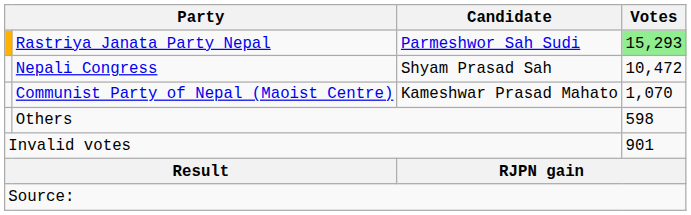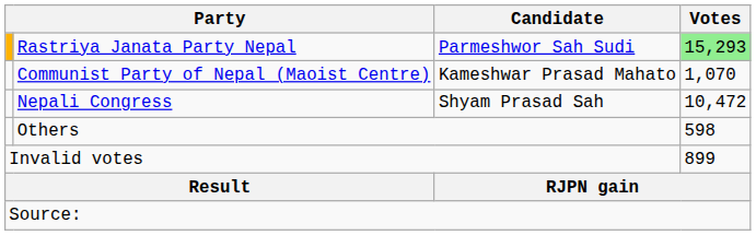 <table class="wikitable">
 <tr>
 <th colspan="2">Party</th>
 <th>Candidate</th>
 <th>Votes</th>
 </tr>
 <tr>
 <td style="background-color:#ffb300"></td>
 <td><a href='#'>Rastriya Janata Party Nepal</a></td>
 <td><a href='#'>Parmeshwor Sah Sudi</a></td>
 <td style="background: lightgreen;">15,293</td>
 </tr>
 <tr>
 <td style="background-color:"></td>
+<td><a href='#'>Communist Party of Nepal (Maoist Centre)</a></td>
+<td>Kameshwar Prasad Mahato</td>
+<td>1,070</td>
+</tr>
+<tr>
+<td style="background-color:"></td>
 <td><a href='#'>Nepali Congress</a></td>
 <td>Shyam Prasad Sah</td>
 <td>10,472</td>
-</tr>
-<tr>
-<td style="background-color:"></td>
-<td><a href='#'>Communist Party of Nepal (Maoist Centre)</a></td>
-<td>Kameshwar Prasad Mahato</td>
-<td>1,070</td>
 </tr>
 <tr>
 <td></td>
 <td colspan="2">Others</td>
 <td>598</td>
 </tr>
 <tr>
 <td colspan="3">Invalid votes</td>
-<td>901</td>
+<td>899</td>
 </tr>
 <tr>
 <th colspan="2">Result</th>
 <th colspan="2">RJPN gain</th>
 </tr>
 <tr>
 <td colspan="4">Source: </td>
 </tr>
 </table>
